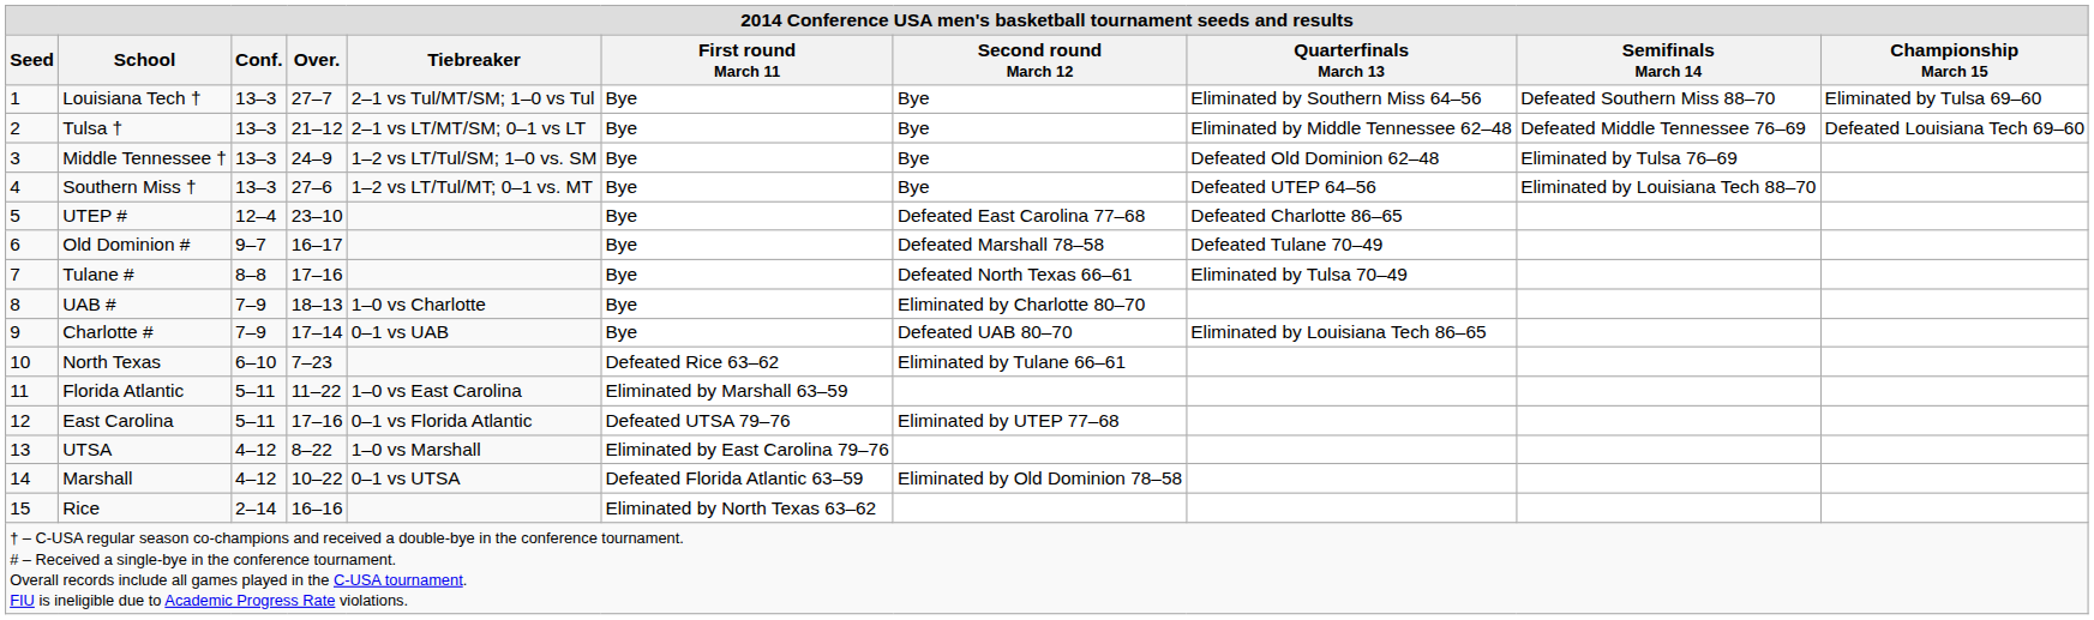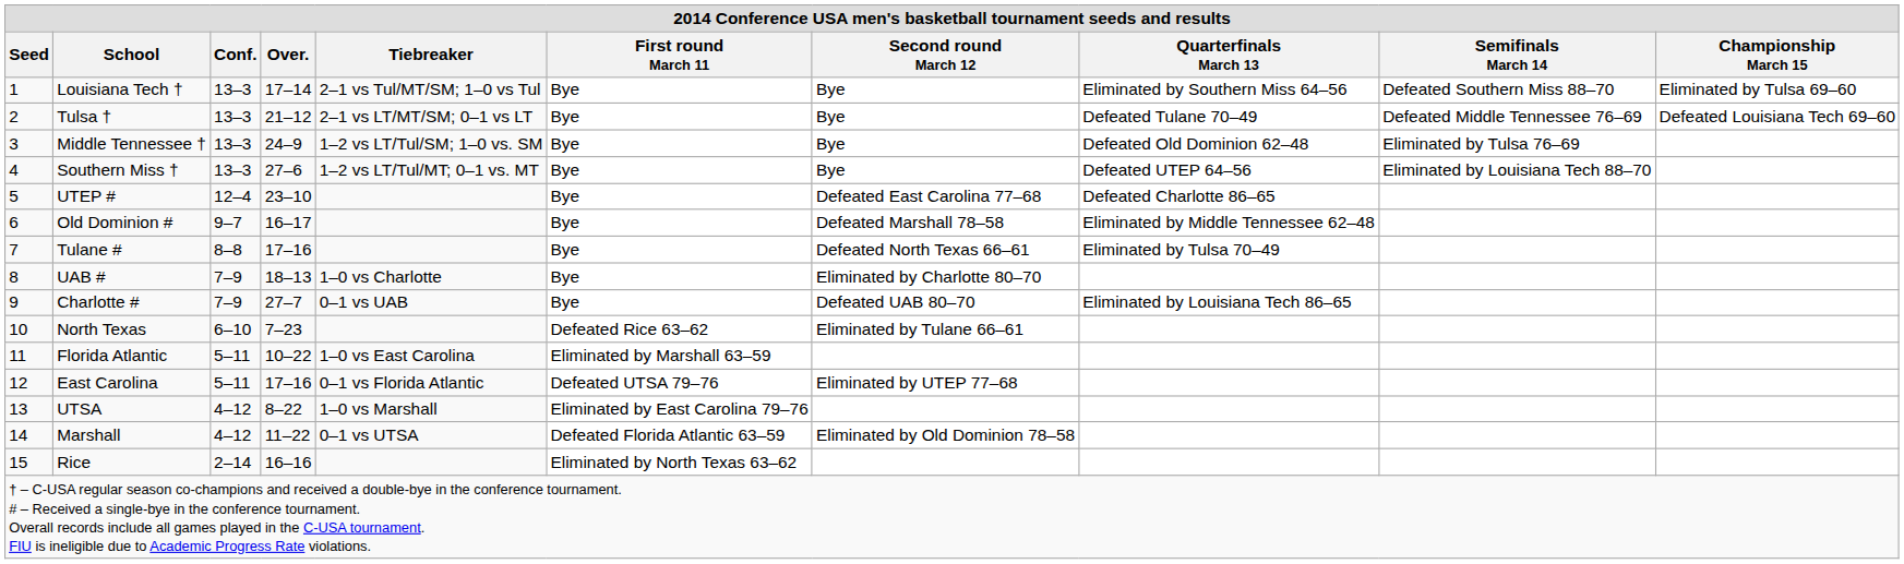 <table class="wikitable" style="white-space:nowrap; font-size:90%;">
 <tr>
 <td colspan="10" style="text-align:center; background:#ddd; font:#000;"><strong>2014 Conference USA men's basketball tournament seeds and results</strong></td>
 </tr>
 <tr>
 <th>Seed</th>
 <th>School</th>
 <th>Conf.</th>
 <th>Over.</th>
 <th>Tiebreaker</th>
 <th>First round<br><small>March 11</small></th>
 <th>Second round<br><small>March 12</small></th>
 <th>Quarterfinals<br><small>March 13</small></th>
 <th>Semifinals<br><small>March 14</small></th>
 <th>Championship<br><small>March 15</small></th>
 </tr>
 <tr>
 <td>1</td>
 <td>Louisiana Tech †</td>
 <td>13–3</td>
-<td>27–7</td>
+<td>17–14</td>
 <td>2–1 vs Tul/MT/SM; 1–0 vs Tul</td>
 <td style="background:#fff;">Bye</td>
 <td style="background:#fff;">Bye</td>
 <td style="background:#fff;">Eliminated by Southern Miss 64–56</td>
 <td style="background:#fff;">Defeated Southern Miss 88–70</td>
 <td style="background:#fff;">Eliminated by Tulsa 69–60</td>
 </tr>
 <tr>
 <td>2</td>
 <td>Tulsa †</td>
 <td>13–3</td>
 <td>21–12</td>
 <td>2–1 vs LT/MT/SM; 0–1 vs LT</td>
 <td style="background:#fff;">Bye</td>
 <td style="background:#fff;">Bye</td>
-<td style="background:#fff;">Eliminated by Middle Tennessee 62–48</td>
+<td style="background:#fff;">Defeated Tulane 70–49</td>
 <td style="background:#fff;">Defeated Middle Tennessee 76–69</td>
 <td style="background:#fff;">Defeated Louisiana Tech 69–60</td>
 </tr>
 <tr>
 <td>3</td>
 <td>Middle Tennessee †</td>
 <td>13–3</td>
 <td>24–9</td>
 <td>1–2 vs LT/Tul/SM; 1–0 vs. SM</td>
 <td style="background:#fff;">Bye</td>
 <td style="background:#fff;">Bye</td>
 <td style="background:#fff;">Defeated Old Dominion 62–48</td>
 <td style="background:#fff;">Eliminated by Tulsa 76–69</td>
 <td style="background:#fff;"></td>
 </tr>
 <tr>
 <td>4</td>
 <td>Southern Miss †</td>
 <td>13–3</td>
 <td>27–6</td>
 <td>1–2 vs LT/Tul/MT; 0–1 vs. MT</td>
 <td style="background:#fff;">Bye</td>
 <td style="background:#fff;">Bye</td>
 <td style="background:#fff;">Defeated UTEP 64–56</td>
 <td style="background:#fff;">Eliminated by Louisiana Tech 88–70</td>
 <td style="background:#fff;"></td>
 </tr>
 <tr>
 <td>5</td>
 <td>UTEP #</td>
 <td>12–4</td>
 <td>23–10</td>
 <td></td>
 <td style="background:#fff;">Bye</td>
 <td style="background:#fff;">Defeated East Carolina 77–68</td>
 <td style="background:#fff;">Defeated Charlotte 86–65</td>
 <td style="background:#fff;"></td>
 <td style="background:#fff;"></td>
 </tr>
 <tr>
 <td>6</td>
 <td>Old Dominion #</td>
 <td>9–7</td>
 <td>16–17</td>
 <td></td>
 <td style="background:#fff;">Bye</td>
 <td style="background:#fff;">Defeated Marshall 78–58</td>
-<td style="background:#fff;">Defeated Tulane 70–49</td>
+<td style="background:#fff;">Eliminated by Middle Tennessee 62–48</td>
 <td style="background:#fff;"></td>
 <td style="background:#fff;"></td>
 </tr>
 <tr>
 <td>7</td>
 <td>Tulane #</td>
 <td>8–8</td>
 <td>17–16</td>
 <td></td>
 <td style="background:#fff;">Bye</td>
 <td style="background:#fff;">Defeated North Texas 66–61</td>
 <td style="background:#fff;">Eliminated by Tulsa 70–49</td>
 <td style="background:#fff;"></td>
 <td style="background:#fff;"></td>
 </tr>
 <tr>
 <td>8</td>
 <td>UAB #</td>
 <td>7–9</td>
 <td>18–13</td>
 <td>1–0 vs Charlotte</td>
 <td style="background:#fff;">Bye</td>
 <td style="background:#fff;">Eliminated by Charlotte 80–70</td>
 <td style="background:#fff;"></td>
 <td style="background:#fff;"></td>
 <td style="background:#fff;"></td>
 </tr>
 <tr>
 <td>9</td>
 <td>Charlotte #</td>
 <td>7–9</td>
-<td>17–14</td>
+<td>27–7</td>
 <td>0–1 vs UAB</td>
 <td style="background:#fff;">Bye</td>
 <td style="background:#fff;">Defeated UAB 80–70</td>
 <td style="background:#fff;">Eliminated by Louisiana Tech 86–65</td>
 <td style="background:#fff;"></td>
 <td style="background:#fff;"></td>
 </tr>
 <tr>
 <td>10</td>
 <td>North Texas</td>
 <td>6–10</td>
 <td>7–23</td>
 <td></td>
 <td style="background:#fff;">Defeated Rice 63–62</td>
 <td style="background:#fff;">Eliminated by Tulane 66–61</td>
 <td style="background:#fff;"></td>
 <td style="background:#fff;"></td>
 <td style="background:#fff;"></td>
 </tr>
 <tr>
 <td>11</td>
 <td>Florida Atlantic</td>
 <td>5–11</td>
-<td>11–22</td>
+<td>10–22</td>
 <td>1–0 vs East Carolina</td>
 <td style="background:#fff;">Eliminated by Marshall 63–59</td>
 <td style="background:#fff;"></td>
 <td style="background:#fff;"></td>
 <td style="background:#fff;"></td>
 <td style="background:#fff;"></td>
 </tr>
 <tr>
 <td>12</td>
 <td>East Carolina</td>
 <td>5–11</td>
 <td>17–16</td>
 <td>0–1 vs Florida Atlantic</td>
 <td style="background:#fff;">Defeated UTSA 79–76</td>
 <td style="background:#fff;">Eliminated by UTEP 77–68</td>
 <td style="background:#fff;"></td>
 <td style="background:#fff;"></td>
 <td style="background:#fff;"></td>
 </tr>
 <tr>
 <td>13</td>
 <td>UTSA</td>
 <td>4–12</td>
 <td>8–22</td>
 <td>1–0 vs Marshall</td>
 <td style="background:#fff;">Eliminated by East Carolina 79–76</td>
 <td style="background:#fff;"></td>
 <td style="background:#fff;"></td>
 <td style="background:#fff;"></td>
 <td style="background:#fff;"></td>
 </tr>
 <tr>
 <td>14</td>
 <td>Marshall</td>
 <td>4–12</td>
-<td>10–22</td>
+<td>11–22</td>
 <td>0–1 vs UTSA</td>
 <td style="background:#fff;">Defeated Florida Atlantic 63–59</td>
 <td style="background:#fff;">Eliminated by Old Dominion 78–58</td>
 <td style="background:#fff;"></td>
 <td style="background:#fff;"></td>
 <td style="background:#fff;"></td>
 </tr>
 <tr>
 <td>15</td>
 <td>Rice</td>
 <td>2–14</td>
 <td>16–16</td>
 <td></td>
 <td style="background:#fff;">Eliminated by North Texas 63–62</td>
 <td style="background:#fff;"></td>
 <td style="background:#fff;"></td>
 <td style="background:#fff;"></td>
 <td style="background:#fff;"></td>
 </tr>
 <tr>
 <td colspan="10" style="text-align:left;"><small>† – C-USA regular season co-champions and received a double-bye in the conference tournament.<br># – Received a single-bye in the conference tournament.<br>Overall records include all games played in the <a href='#'>C-USA tournament</a>.<br><a href='#'>FIU</a> is ineligible due to <a href='#'>Academic Progress Rate</a> violations.</small></td>
 </tr>
 </table>
